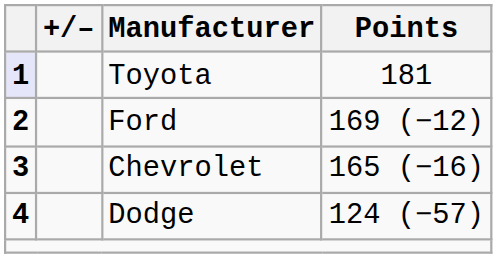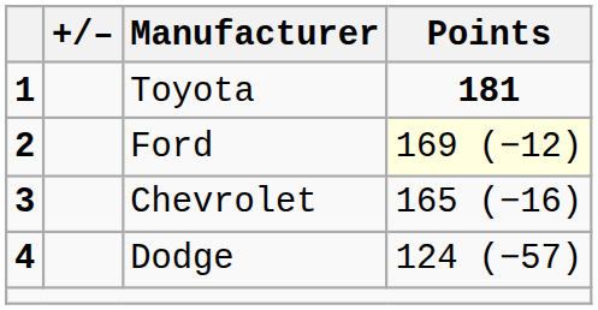 <table class="wikitable">
 <tr>
 <th scope="col"></th>
 <th scope="col">+/–</th>
 <th scope="col">Manufacturer</th>
 <th scope="col">Points</th>
 </tr>
 <tr>
-<td scope="row" style="background: lavender;"><strong>1</strong></td>
+<td scope="row"><strong>1</strong></td>
 <td align="left"></td>
 <td>Toyota</td>
-<td style="text-align:center;">181</td>
+<td style="text-align:center;"><strong>181</strong></td>
 </tr>
 <tr>
 <td scope="row"><strong>2</strong></td>
 <td align="left"></td>
 <td>Ford</td>
-<td style="text-align:center;">169 (−12)</td>
+<td style="background: lightyellow; text-align:center;">169 (−12)</td>
 </tr>
 <tr>
 <td scope="row"><strong>3</strong></td>
 <td align="left"></td>
 <td>Chevrolet</td>
 <td style="text-align:center;">165 (−16)</td>
 </tr>
 <tr>
 <td scope="row"><strong>4</strong></td>
 <td align="left"></td>
 <td>Dodge</td>
 <td style="text-align:center;">124 (−57)</td>
 </tr>
 <tr class="sortbottom">
 <td colspan="9"></td>
 </tr>
 </table>
